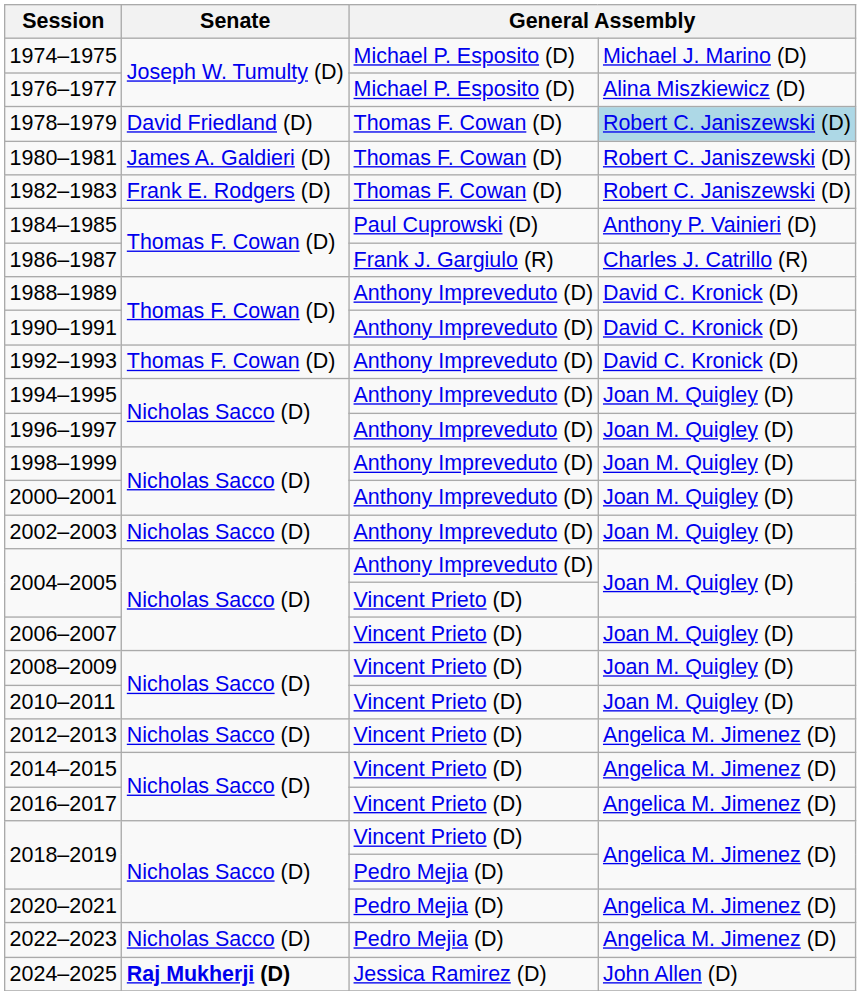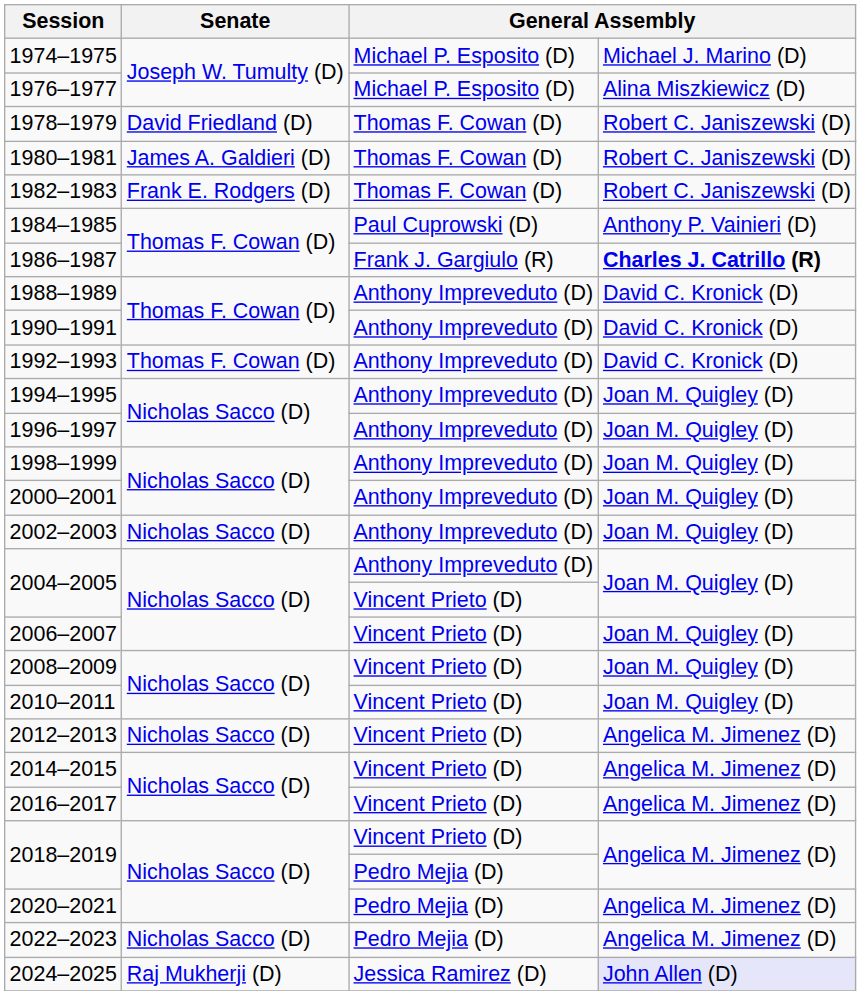 <table class="wikitable">
 <tr>
 <th>Session</th>
 <th>Senate</th>
 <th colspan=2>General Assembly</th>
 </tr>
 <tr>
 <td>1974–1975</td>
 <td rowspan=2 ><a href='#'>Joseph W. Tumulty</a> (D)</td>
 <td><a href='#'>Michael P. Esposito</a> (D)</td>
 <td><a href='#'>Michael J. Marino</a> (D)</td>
 </tr>
 <tr>
 <td>1976–1977</td>
 <td><a href='#'>Michael P. Esposito</a> (D)</td>
 <td><a href='#'>Alina Miszkiewicz</a> (D)</td>
 </tr>
 <tr>
 <td>1978–1979</td>
 <td rowspan=2 ><a href='#'>David Friedland</a> (D)<small> </small><br></td>
 <td><a href='#'>Thomas F. Cowan</a> (D)</td>
-<td style="background: lightblue;"><a href='#'>Robert C. Janiszewski</a> (D)</td>
+<td><a href='#'>Robert C. Janiszewski</a> (D)</td>
 </tr>
 <tr>
 <td rowspan=2>1980–1981</td>
 <td rowspan=2 ><a href='#'>Thomas F. Cowan</a> (D)</td>
 <td rowspan=2 ><a href='#'>Robert C. Janiszewski</a> (D)</td>
 </tr>
 <tr>
 <td><a href='#'>James A. Galdieri</a> (D)</td>
 </tr>
 <tr>
 <td>1982–1983</td>
 <td><a href='#'>Frank E. Rodgers</a> (D)</td>
 <td><a href='#'>Thomas F. Cowan</a> (D)</td>
 <td><a href='#'>Robert C. Janiszewski</a> (D)</td>
 </tr>
 <tr>
 <td>1984–1985</td>
 <td rowspan=2 ><a href='#'>Thomas F. Cowan</a> (D)</td>
 <td><a href='#'>Paul Cuprowski</a> (D)</td>
 <td><a href='#'>Anthony P. Vainieri</a> (D)</td>
 </tr>
 <tr>
 <td>1986–1987</td>
 <td><a href='#'>Frank J. Gargiulo</a> (R)</td>
-<td><a href='#'>Charles J. Catrillo</a> (R)</td>
+<td><strong><a href='#'>Charles J. Catrillo</a> (R)</strong></td>
 </tr>
 <tr>
 <td>1988–1989</td>
 <td rowspan=2 ><a href='#'>Thomas F. Cowan</a> (D)</td>
 <td><a href='#'>Anthony Impreveduto</a> (D)</td>
 <td><a href='#'>David C. Kronick</a> (D)</td>
 </tr>
 <tr>
 <td>1990–1991</td>
 <td><a href='#'>Anthony Impreveduto</a> (D)</td>
 <td><a href='#'>David C. Kronick</a> (D)</td>
 </tr>
 <tr>
 <td>1992–1993</td>
 <td><a href='#'>Thomas F. Cowan</a> (D)</td>
 <td><a href='#'>Anthony Impreveduto</a> (D)</td>
 <td><a href='#'>David C. Kronick</a> (D)</td>
 </tr>
 <tr>
 <td>1994–1995</td>
 <td rowspan=2 ><a href='#'>Nicholas Sacco</a> (D)</td>
 <td><a href='#'>Anthony Impreveduto</a> (D)</td>
 <td><a href='#'>Joan M. Quigley</a> (D)</td>
 </tr>
 <tr>
 <td>1996–1997</td>
 <td><a href='#'>Anthony Impreveduto</a> (D)</td>
 <td><a href='#'>Joan M. Quigley</a> (D)</td>
 </tr>
 <tr>
 <td>1998–1999</td>
 <td rowspan=2 ><a href='#'>Nicholas Sacco</a> (D)</td>
 <td><a href='#'>Anthony Impreveduto</a> (D)</td>
 <td><a href='#'>Joan M. Quigley</a> (D)</td>
 </tr>
 <tr>
 <td>2000–2001</td>
 <td><a href='#'>Anthony Impreveduto</a> (D)</td>
 <td><a href='#'>Joan M. Quigley</a> (D)</td>
 </tr>
 <tr>
 <td>2002–2003</td>
 <td><a href='#'>Nicholas Sacco</a> (D)</td>
 <td><a href='#'>Anthony Impreveduto</a> (D)</td>
 <td><a href='#'>Joan M. Quigley</a> (D)</td>
 </tr>
 <tr>
 <td rowspan=2>2004–2005</td>
 <td rowspan=3 ><a href='#'>Nicholas Sacco</a> (D)</td>
 <td><a href='#'>Anthony Impreveduto</a> (D)</td>
 <td rowspan=2 ><a href='#'>Joan M. Quigley</a> (D)</td>
 </tr>
 <tr>
 <td><a href='#'>Vincent Prieto</a> (D)</td>
 </tr>
 <tr>
 <td>2006–2007</td>
 <td><a href='#'>Vincent Prieto</a> (D)</td>
 <td><a href='#'>Joan M. Quigley</a> (D)</td>
 </tr>
 <tr>
 <td>2008–2009</td>
 <td rowspan=2 ><a href='#'>Nicholas Sacco</a> (D)</td>
 <td><a href='#'>Vincent Prieto</a> (D)</td>
 <td><a href='#'>Joan M. Quigley</a> (D)</td>
 </tr>
 <tr>
 <td>2010–2011</td>
 <td><a href='#'>Vincent Prieto</a> (D)</td>
 <td><a href='#'>Joan M. Quigley</a> (D)</td>
 </tr>
 <tr>
 <td>2012–2013</td>
 <td><a href='#'>Nicholas Sacco</a> (D)</td>
 <td><a href='#'>Vincent Prieto</a> (D)</td>
 <td><a href='#'>Angelica M. Jimenez</a> (D)</td>
 </tr>
 <tr>
 <td>2014–2015</td>
 <td rowspan=2 ><a href='#'>Nicholas Sacco</a> (D)</td>
 <td><a href='#'>Vincent Prieto</a> (D)</td>
 <td><a href='#'>Angelica M. Jimenez</a> (D)</td>
 </tr>
 <tr>
 <td>2016–2017</td>
 <td><a href='#'>Vincent Prieto</a> (D)</td>
 <td><a href='#'>Angelica M. Jimenez</a> (D)</td>
 </tr>
 <tr>
 <td rowspan=2>2018–2019</td>
 <td rowspan=3 ><a href='#'>Nicholas Sacco</a> (D)</td>
 <td><a href='#'>Vincent Prieto</a> (D)</td>
 <td rowspan=2 ><a href='#'>Angelica M. Jimenez</a> (D)</td>
 </tr>
 <tr>
 <td><a href='#'>Pedro Mejia</a> (D)</td>
 </tr>
 <tr>
 <td>2020–2021</td>
 <td><a href='#'>Pedro Mejia</a> (D)</td>
 <td><a href='#'>Angelica M. Jimenez</a> (D)</td>
 </tr>
 <tr>
 <td>2022–2023</td>
 <td><a href='#'>Nicholas Sacco</a> (D)</td>
 <td><a href='#'>Pedro Mejia</a> (D)</td>
 <td><a href='#'>Angelica M. Jimenez</a> (D)</td>
 </tr>
 <tr>
 <td>2024–2025</td>
-<td><strong><a href='#'>Raj Mukherji</a> (D)</strong></td>
+<td><a href='#'>Raj Mukherji</a> (D)</td>
 <td><a href='#'>Jessica Ramirez</a> (D)</td>
-<td><a href='#'>John Allen</a> (D)</td>
+<td style="background: lavender;"><a href='#'>John Allen</a> (D)</td>
 </tr>
 </table>
